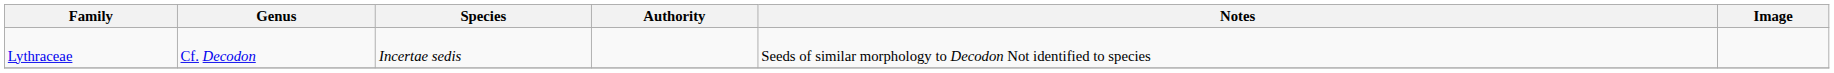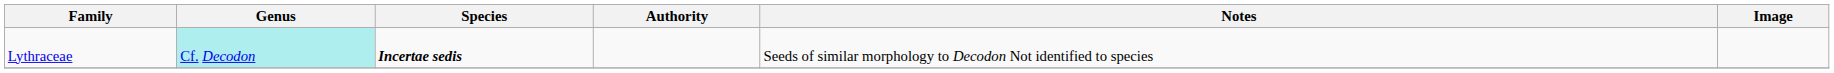 <table class="wikitable" align="center" width="100%">
 <tr>
 <th>Family</th>
 <th>Genus</th>
 <th>Species</th>
 <th>Authority</th>
 <th>Notes</th>
 <th>Image</th>
 </tr>
 <tr>
 <td><br><a href='#'>Lythraceae</a></td>
-<td><br><a href='#'>Cf.</a> <em><a href='#'>Decodon</a></em></td>
-<td><br><em>Incertae sedis</em></td>
+<td style="background: paleturquoise;"><br><a href='#'>Cf.</a> <em><a href='#'>Decodon</a></em></td>
+<td><strong><br><em>Incertae sedis</em></strong></td>
 <td></td>
 <td><br>Seeds of similar morphology to <em>Decodon</em> Not identified to species</td>
 <td></td>
 </tr>
 <tr>
 </tr>
 </table>
